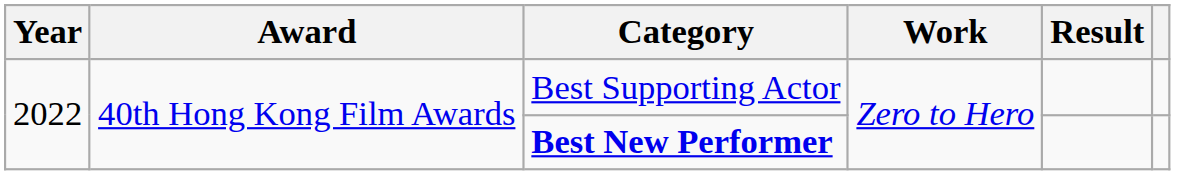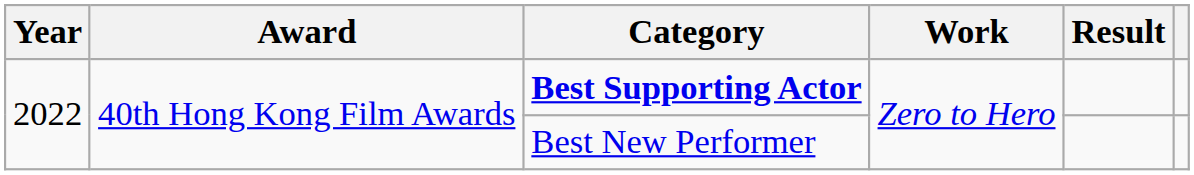 <table class="wikitable plainrowheaders">
 <tr>
 <th>Year</th>
 <th>Award</th>
 <th>Category</th>
 <th>Work</th>
 <th>Result</th>
 <th></th>
 </tr>
 <tr>
 <td rowspan="2">2022</td>
 <td rowspan="2"><a href='#'>40th Hong Kong Film Awards</a></td>
-<td><a href='#'>Best Supporting Actor</a></td>
+<td><strong><a href='#'>Best Supporting Actor</a></strong></td>
 <td rowspan="2"><em><a href='#'>Zero to Hero</a></em></td>
 <td></td>
 <td></td>
 </tr>
 <tr>
-<td><strong><a href='#'>Best New Performer</a></strong></td>
+<td><a href='#'>Best New Performer</a></td>
 <td></td>
 <td></td>
 </tr>
 </table>
